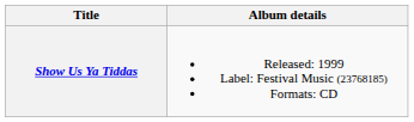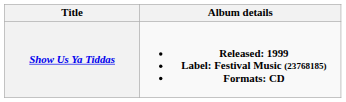 <table class="wikitable plainrowheaders" style="text-align:center;">
 <tr>
 <th scope="col" style="width:12em;">Title</th>
 <th scope="col" style="width:18em;">Album details</th>
 </tr>
 <tr>
 <th scope="row"><em><a href='#'>Show Us Ya Tiddas</a></em></th>
-<td><br><ul><li>Released: 1999</li><li>Label: Festival Music <small>(23768185)</small></li><li>Formats: CD</li></ul></td>
+<td><strong><br><ul><li>Released: 1999</li><li>Label: Festival Music <small>(23768185)</small></li><li>Formats: CD</li></ul></strong></td>
 </tr>
 </table>
